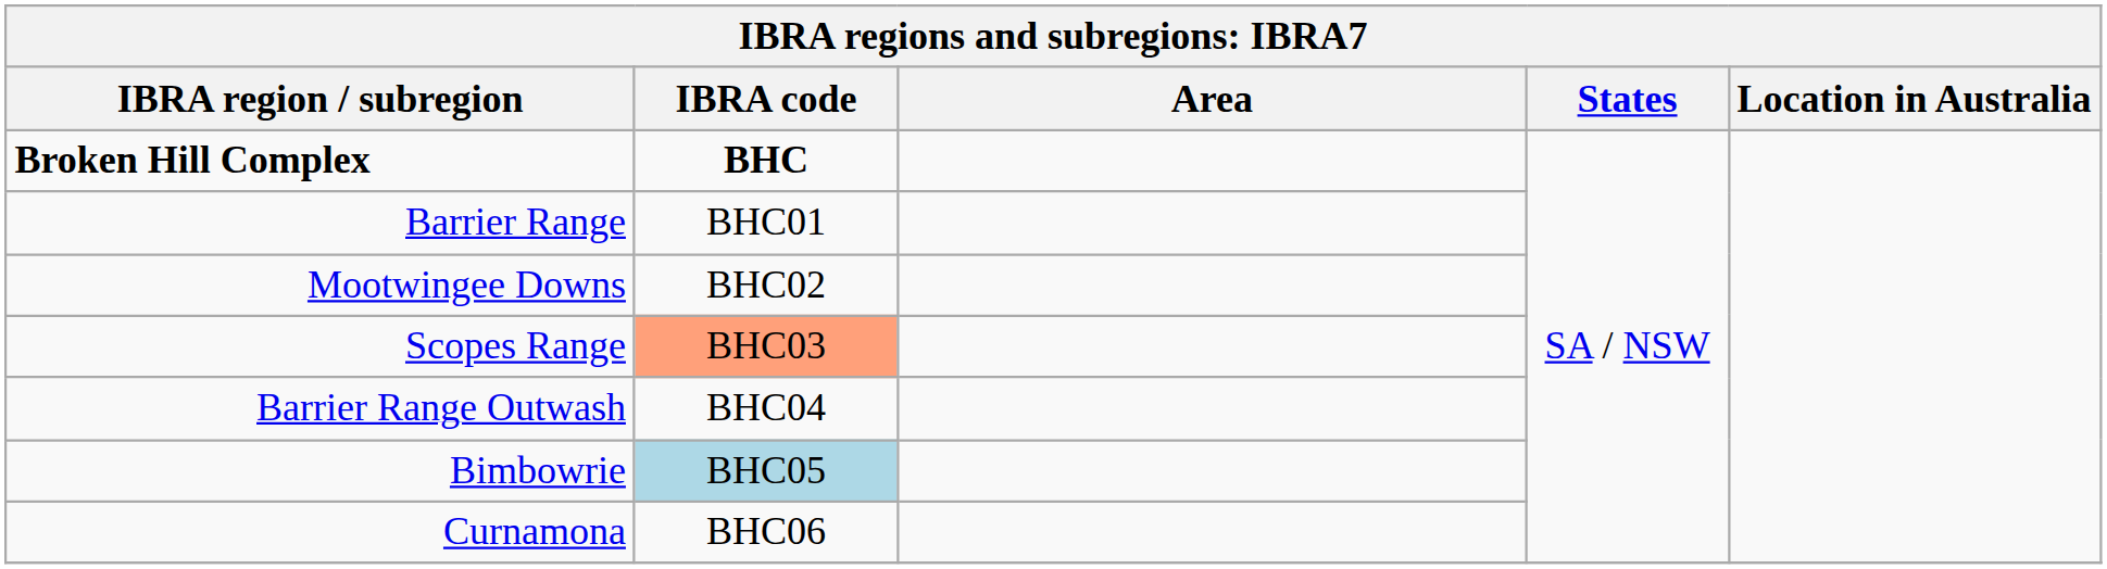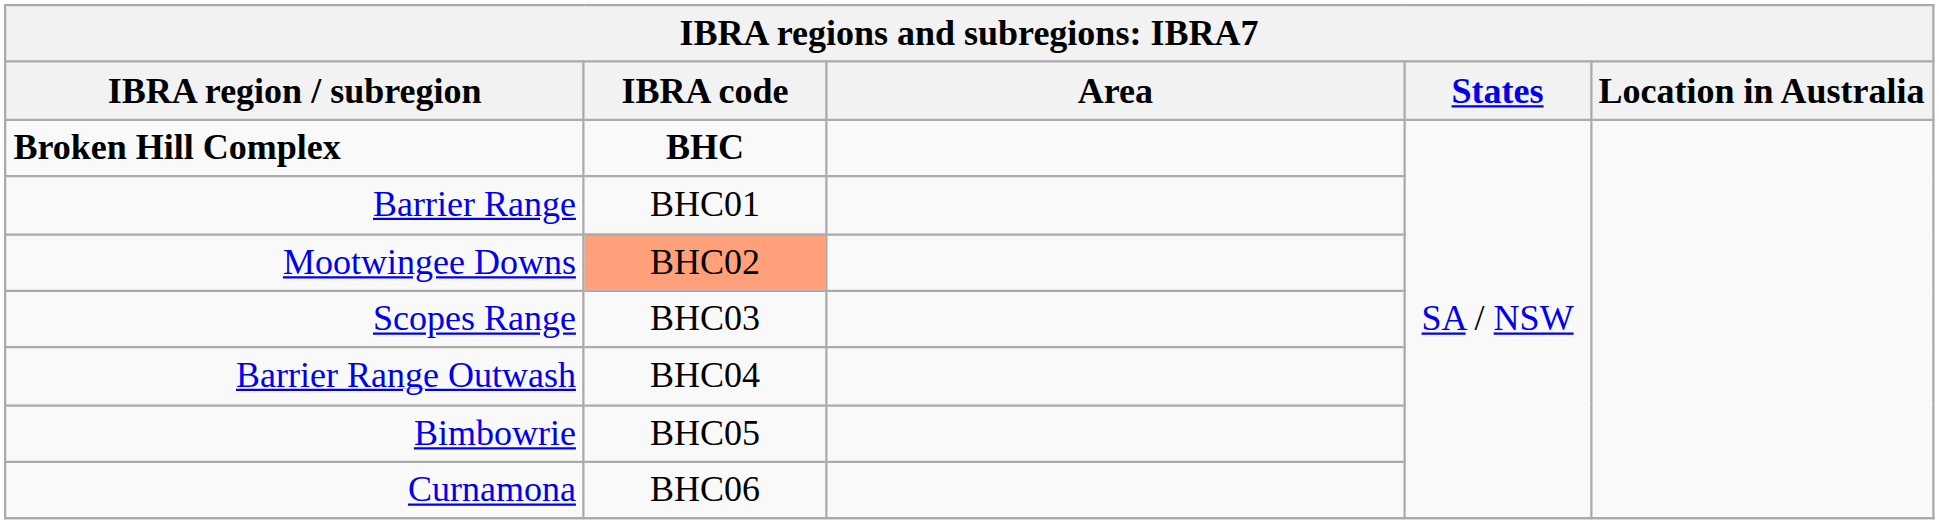 <table class="wikitable sortable">
 <tr>
 <th colspan=5>IBRA regions and subregions: IBRA7</th>
 </tr>
 <tr>
 <th scope="col" width="250px">IBRA region / subregion</th>
 <th scope="col" width="100px">IBRA code</th>
 <th scope="col" width="250px">Area</th>
 <th scope="col" width="75px"><a href='#'>States</a></th>
 <th>Location in Australia</th>
 </tr>
 <tr>
 <td><strong>Broken Hill Complex</strong></td>
 <td align="center"><strong>BHC</strong></td>
 <td align="right"><strong></strong></td>
 <td align="center" rowspan=7><a href='#'>SA</a> / <a href='#'>NSW</a></td>
 <td align="center" rowspan=7></td>
 </tr>
 <tr>
 <td align="right"><a href='#'>Barrier Range</a></td>
 <td align="center">BHC01</td>
 <td align="right"></td>
 </tr>
 <tr>
 <td align="right"><a href='#'>Mootwingee Downs</a></td>
-<td align="center">BHC02</td>
+<td align="center" style="background: lightsalmon;">BHC02</td>
 <td align="right"></td>
 </tr>
 <tr>
 <td align="right"><a href='#'>Scopes Range</a></td>
-<td align="center" style="background: lightsalmon;">BHC03</td>
+<td align="center">BHC03</td>
 <td align="right"></td>
 </tr>
 <tr>
 <td align="right"><a href='#'>Barrier Range Outwash</a></td>
 <td align="center">BHC04</td>
 <td align="right"></td>
 </tr>
 <tr>
 <td align="right"><a href='#'>Bimbowrie</a></td>
-<td align="center" style="background: lightblue;">BHC05</td>
+<td align="center">BHC05</td>
 <td align="right"></td>
 </tr>
 <tr>
 <td align="right"><a href='#'>Curnamona</a></td>
 <td align="center">BHC06</td>
 <td align="right"></td>
 </tr>
 <tr>
 </tr>
 </table>
